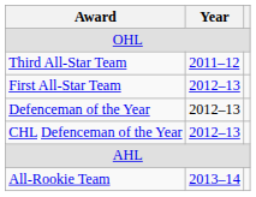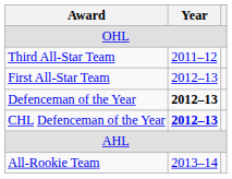 <table class="wikitable">
 <tr>
 <th>Award</th>
 <th>Year</th>
 <th></th>
 </tr>
 <tr ALIGN="center" bgcolor="#e0e0e0">
 <td colspan="3"><a href='#'>OHL</a></td>
 </tr>
 <tr>
 <td><a href='#'>Third All-Star Team</a></td>
 <td><a href='#'>2011–12</a></td>
 <td></td>
 </tr>
 <tr>
 <td><a href='#'>First All-Star Team</a></td>
 <td><a href='#'>2012–13</a></td>
 <td></td>
 </tr>
 <tr>
 <td><a href='#'>Defenceman of the Year</a></td>
-<td>2012–13</td>
+<td><strong>2012–13</strong></td>
 <td></td>
 </tr>
 <tr>
 <td><a href='#'>CHL</a> <a href='#'>Defenceman of the Year</a></td>
-<td><a href='#'>2012–13</a></td>
+<td><strong><a href='#'>2012–13</a></strong></td>
 <td></td>
 </tr>
 <tr ALIGN="center" bgcolor="#e0e0e0">
 <td colspan="3"><a href='#'>AHL</a></td>
 </tr>
 <tr>
 <td><a href='#'>All-Rookie Team</a></td>
 <td><a href='#'>2013–14</a></td>
 <td></td>
 </tr>
 </table>
